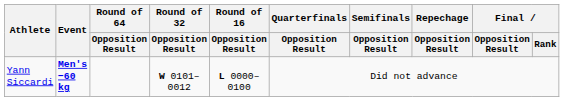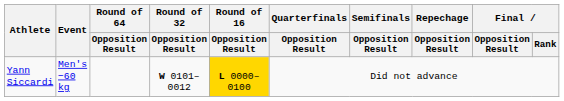 <table class="wikitable" style="font-size:90%">
 <tr>
 <th rowspan="2">Athlete</th>
 <th rowspan="2">Event</th>
 <th>Round of 64</th>
 <th>Round of 32</th>
 <th>Round of 16</th>
 <th>Quarterfinals</th>
 <th>Semifinals</th>
 <th>Repechage</th>
 <th colspan=2>Final / </th>
 </tr>
 <tr style="font-size:95%">
 <th>Opposition<br>Result</th>
 <th>Opposition<br>Result</th>
 <th>Opposition<br>Result</th>
 <th>Opposition<br>Result</th>
 <th>Opposition<br>Result</th>
 <th>Opposition<br>Result</th>
 <th>Opposition<br>Result</th>
 <th>Rank</th>
 </tr>
 <tr align=center>
 <td align=left><a href='#'>Yann Siccardi</a></td>
-<td align=left><strong><a href='#'>Men's −60 kg</a></strong></td>
+<td align=left><a href='#'>Men's −60 kg</a></td>
 <td></td>
 <td><br><strong>W</strong> 0101–0012</td>
-<td><br><strong>L</strong> 0000–0100</td>
+<td style="background: gold;"><br><strong>L</strong> 0000–0100</td>
 <td colspan=5>Did not advance</td>
 </tr>
 </table>
